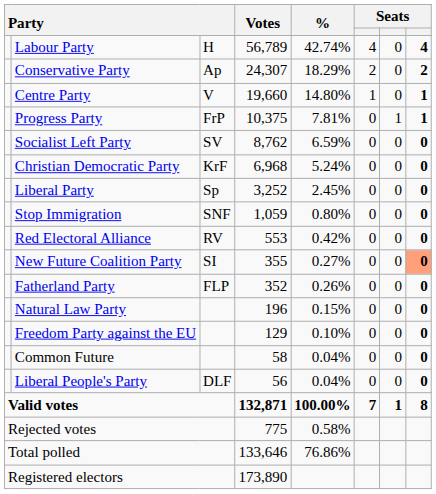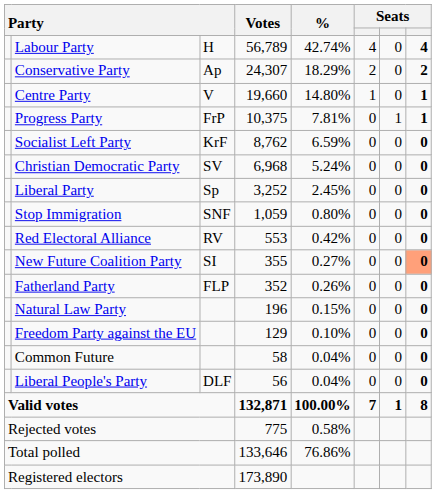 <table class="wikitable" border="1" style="text-align:right;">
 <tr>
 <th style="text-align:left;" valign=bottom rowspan=2 colspan=3>Party</th>
 <th align=center valign=bottom rowspan=2 width="50">Votes</th>
 <th align=center valign=bottom rowspan=2 width="50">%</th>
 <th colspan=3>Seats</th>
 </tr>
 <tr>
 <th align=center valign=bottom width="20"><small></small></th>
 <th align=center valign=bottom width="20"><small><a href='#'></a></small></th>
 <th align=center valign=bottom width="20"><small></small></th>
 </tr>
 <tr>
 <td style="color:inherit;background:"></td>
 <td align=left><a href='#'>Labour Party</a></td>
 <td align=left>H</td>
 <td>56,789</td>
 <td>42.74%</td>
 <td>4</td>
 <td>0</td>
 <td><strong>4</strong></td>
 </tr>
 <tr>
 <td style="color:inherit;background:"></td>
 <td align=left><a href='#'>Conservative Party</a></td>
 <td align=left>Ap</td>
 <td>24,307</td>
 <td>18.29%</td>
 <td>2</td>
 <td>0</td>
 <td><strong>2</strong></td>
 </tr>
 <tr>
 <td style="color:inherit;background:"></td>
 <td align=left><a href='#'>Centre Party</a></td>
 <td align=left>V</td>
 <td>19,660</td>
 <td>14.80%</td>
 <td>1</td>
 <td>0</td>
 <td><strong>1</strong></td>
 </tr>
 <tr>
 <td style="color:inherit;background:"></td>
 <td align=left><a href='#'>Progress Party</a></td>
 <td align=left>FrP</td>
 <td>10,375</td>
 <td>7.81%</td>
 <td>0</td>
 <td>1</td>
 <td><strong>1</strong></td>
 </tr>
 <tr>
 <td style="color:inherit;background:"></td>
 <td align=left><a href='#'>Socialist Left Party</a></td>
-<td align=left>SV</td>
+<td align=left>KrF</td>
 <td>8,762</td>
 <td>6.59%</td>
 <td>0</td>
 <td>0</td>
 <td><strong>0</strong></td>
 </tr>
 <tr>
 <td style="color:inherit;background:"></td>
 <td align=left><a href='#'>Christian Democratic Party</a></td>
-<td align=left>KrF</td>
+<td align=left>SV</td>
 <td>6,968</td>
 <td>5.24%</td>
 <td>0</td>
 <td>0</td>
 <td><strong>0</strong></td>
 </tr>
 <tr>
 <td style="color:inherit;background:"></td>
 <td align=left><a href='#'>Liberal Party</a></td>
 <td align=left>Sp</td>
 <td>3,252</td>
 <td>2.45%</td>
 <td>0</td>
 <td>0</td>
 <td><strong>0</strong></td>
 </tr>
 <tr>
 <td style="color:inherit;background:"></td>
 <td align=left><a href='#'>Stop Immigration</a></td>
 <td align=left>SNF</td>
 <td>1,059</td>
 <td>0.80%</td>
 <td>0</td>
 <td>0</td>
 <td><strong>0</strong></td>
 </tr>
 <tr>
 <td style="color:inherit;background:"></td>
 <td align=left><a href='#'>Red Electoral Alliance</a></td>
 <td align=left>RV</td>
 <td>553</td>
 <td>0.42%</td>
 <td>0</td>
 <td>0</td>
 <td><strong>0</strong></td>
 </tr>
 <tr>
 <td style="color:inherit;background:"></td>
 <td align=left><a href='#'>New Future Coalition Party</a></td>
 <td align=left>SI</td>
 <td>355</td>
 <td>0.27%</td>
 <td>0</td>
 <td>0</td>
 <td style="background: lightsalmon;"><strong>0</strong></td>
 </tr>
 <tr>
 <td style="color:inherit;background:"></td>
 <td align=left><a href='#'>Fatherland Party</a></td>
 <td align=left>FLP</td>
 <td>352</td>
 <td>0.26%</td>
 <td>0</td>
 <td>0</td>
 <td><strong>0</strong></td>
 </tr>
 <tr>
 <td></td>
 <td align=left><a href='#'>Natural Law Party</a></td>
 <td align=left></td>
 <td>196</td>
 <td>0.15%</td>
 <td>0</td>
 <td>0</td>
 <td><strong>0</strong></td>
 </tr>
 <tr>
 <td></td>
 <td align=left><a href='#'>Freedom Party against the EU</a></td>
 <td align=left></td>
 <td>129</td>
 <td>0.10%</td>
 <td>0</td>
 <td>0</td>
 <td><strong>0</strong></td>
 </tr>
 <tr>
 <td></td>
 <td align=left>Common Future</td>
 <td align=left></td>
 <td>58</td>
 <td>0.04%</td>
 <td>0</td>
 <td>0</td>
 <td><strong>0</strong></td>
 </tr>
 <tr>
 <td style="color:inherit;background:"></td>
 <td align=left><a href='#'>Liberal People's Party</a></td>
 <td align=left>DLF</td>
 <td>56</td>
 <td>0.04%</td>
 <td>0</td>
 <td>0</td>
 <td><strong>0</strong></td>
 </tr>
 <tr style="font-weight:bold">
 <td align=left colspan=3>Valid votes</td>
 <td>132,871</td>
 <td>100.00%</td>
 <td>7</td>
 <td>1</td>
 <td>8</td>
 </tr>
 <tr>
 <td align=left colspan=3>Rejected votes</td>
 <td>775</td>
 <td>0.58%</td>
 <td></td>
 <td></td>
 <td></td>
 </tr>
 <tr>
 <td align=left colspan=3>Total polled</td>
 <td>133,646</td>
 <td>76.86%</td>
 <td></td>
 <td></td>
 <td></td>
 </tr>
 <tr>
 <td align=left colspan=3>Registered electors</td>
 <td>173,890</td>
 <td></td>
 <td></td>
 <td></td>
 <td></td>
 </tr>
 </table>
